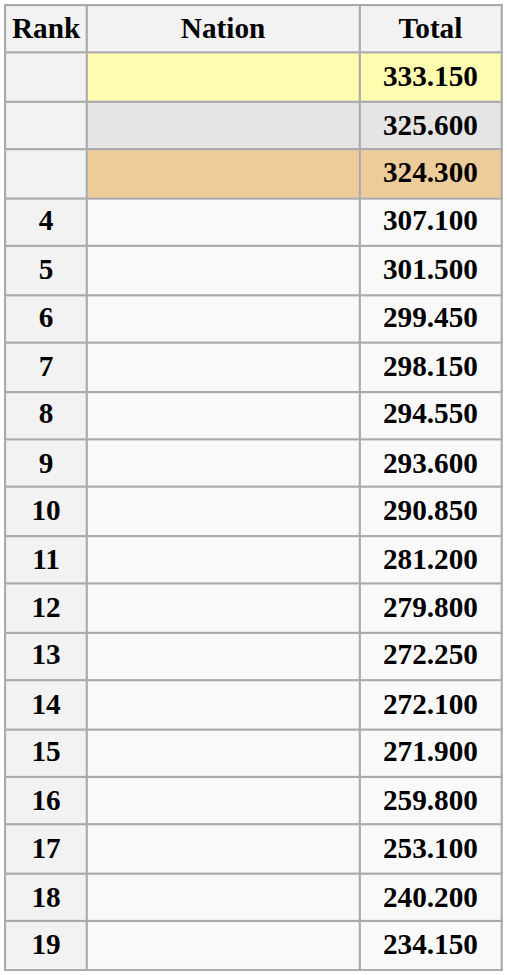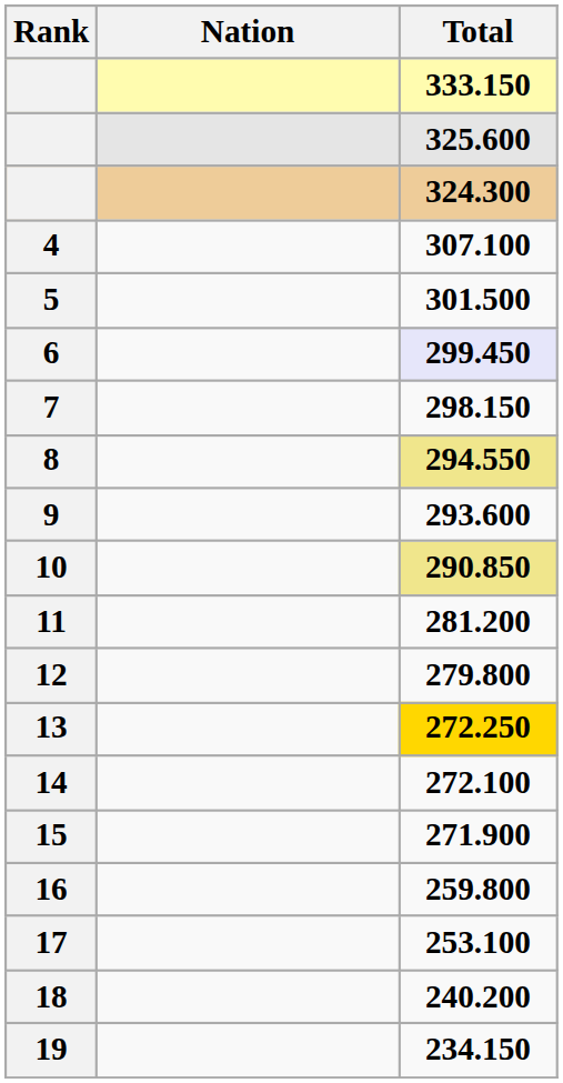 <table class="wikitable sortable" style="text-align:center; font-size:85%">
 <tr>
 <th scope="col" style="width:20px;">Rank</th>
 <th ! scope="col" style="width:120px;">Nation</th>
 <th ! scope="col" style="width:60px;">Total</th>
 </tr>
 <tr bgcolor=fffcaf>
 <th scope=row></th>
 <td align=left></td>
 <td><strong>333.150</strong></td>
 </tr>
 <tr bgcolor=e5e5e5>
 <th scope=row></th>
 <td align=left></td>
 <td><strong>325.600</strong></td>
 </tr>
 <tr bgcolor=eecc99>
 <th scope=row></th>
 <td align=left></td>
 <td><strong>324.300</strong></td>
 </tr>
 <tr>
 <th scope=row>4</th>
 <td align=left></td>
 <td><strong>307.100</strong></td>
 </tr>
 <tr>
 <th scope=row>5</th>
 <td align=left></td>
 <td><strong>301.500</strong></td>
 </tr>
 <tr>
 <th scope=row>6</th>
 <td align=left></td>
-<td><strong>299.450</strong></td>
+<td style="background: lavender;"><strong>299.450</strong></td>
 </tr>
 <tr>
 <th scope=row>7</th>
 <td align=left></td>
 <td><strong>298.150</strong></td>
 </tr>
 <tr>
 <th scope=row>8</th>
 <td align=left></td>
-<td><strong>294.550</strong></td>
+<td style="background: khaki;"><strong>294.550</strong></td>
 </tr>
 <tr>
 <th scope=row>9</th>
 <td align=left></td>
 <td><strong>293.600</strong></td>
 </tr>
 <tr>
 <th scope=row>10</th>
 <td align=left></td>
-<td><strong>290.850</strong></td>
+<td style="background: khaki;"><strong>290.850</strong></td>
 </tr>
 <tr>
 <th scope=row>11</th>
 <td align=left></td>
 <td><strong>281.200</strong></td>
 </tr>
 <tr>
 <th scope=row>12</th>
 <td align=left></td>
 <td><strong>279.800</strong></td>
 </tr>
 <tr>
 <th scope=row>13</th>
 <td align=left></td>
-<td><strong>272.250</strong></td>
+<td style="background: gold;"><strong>272.250</strong></td>
 </tr>
 <tr>
 <th scope=row>14</th>
 <td align=left></td>
 <td><strong>272.100</strong></td>
 </tr>
 <tr>
 <th scope=row>15</th>
 <td align=left></td>
 <td><strong>271.900</strong></td>
 </tr>
 <tr>
 <th scope=row>16</th>
 <td align=left></td>
 <td><strong>259.800</strong></td>
 </tr>
 <tr>
 <th scope=row>17</th>
 <td align=left></td>
 <td><strong>253.100</strong></td>
 </tr>
 <tr>
 <th scope=row>18</th>
 <td align=left></td>
 <td><strong>240.200</strong></td>
 </tr>
 <tr>
 <th scope=row>19</th>
 <td align=left></td>
 <td><strong>234.150</strong></td>
 </tr>
 <tr>
 </tr>
 </table>
